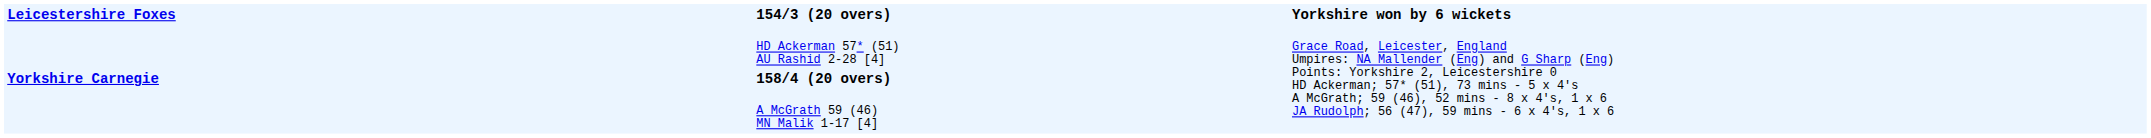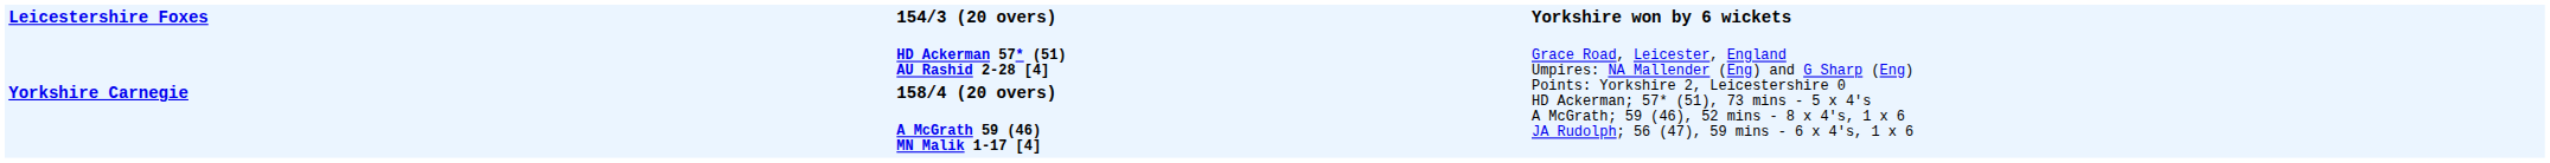 <table style="width:100%; background:#ebf5ff;">
 <tr>
 <td style="width:35%; vertical-align:top;" rowspan="2"><strong><a href='#'>Leicestershire Foxes</a></strong></td>
 <td style="width:25%;"><strong>154/3 (20 overs)</strong></td>
 <td style="width:40%;"><strong>Yorkshire won by 6 wickets</strong></td>
 </tr>
 <tr>
-<td style="font-size: 85%;"><br><a href='#'>HD Ackerman</a> 57<a href='#'>*</a> (51)<br> <a href='#'>AU Rashid</a> 2-28 [4]</td>
+<td style="font-size: 85%;"><strong><br><a href='#'>HD Ackerman</a> 57<a href='#'>*</a> (51)<br> <a href='#'>AU Rashid</a> 2-28 [4]</strong></td>
 <td style="vertical-align:top; font-size:85%;" rowspan="3"><br><a href='#'>Grace Road</a>, <a href='#'>Leicester</a>, <a href='#'>England</a><br> Umpires: <a href='#'>NA Mallender</a> (<a href='#'>Eng</a>) and <a href='#'>G Sharp</a> (<a href='#'>Eng</a>)<br> Points: Yorkshire 2, Leicestershire 0<br>HD Ackerman; 57* (51), 73 mins - 5 x 4's<br> A McGrath; 59 (46), 52 mins - 8 x 4's, 1 x 6<br> <a href='#'>JA Rudolph</a>; 56 (47), 59 mins - 6 x 4's, 1 x 6</td>
 </tr>
 <tr>
 <td style="vertical-align:top;" rowspan="2"><strong><a href='#'>Yorkshire Carnegie</a></strong></td>
 <td><strong>158/4 (20 overs)</strong></td>
 </tr>
 <tr>
-<td style="font-size: 85%;"><br><a href='#'>A McGrath</a> 59 (46)<br> <a href='#'>MN Malik</a> 1-17 [4]</td>
+<td style="font-size: 85%;"><strong><br><a href='#'>A McGrath</a> 59 (46)<br> <a href='#'>MN Malik</a> 1-17 [4]</strong></td>
 </tr>
 </table>
